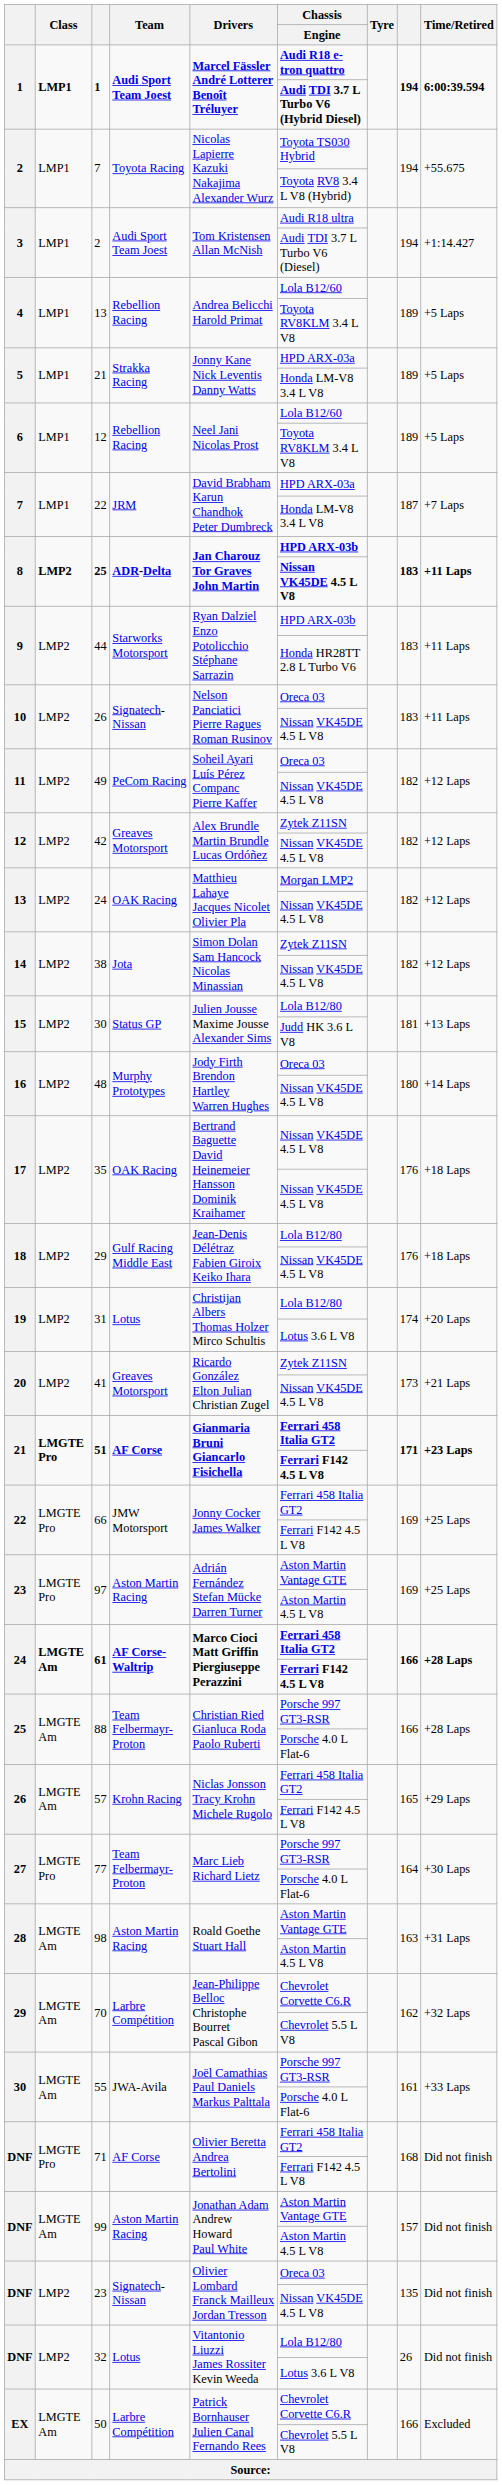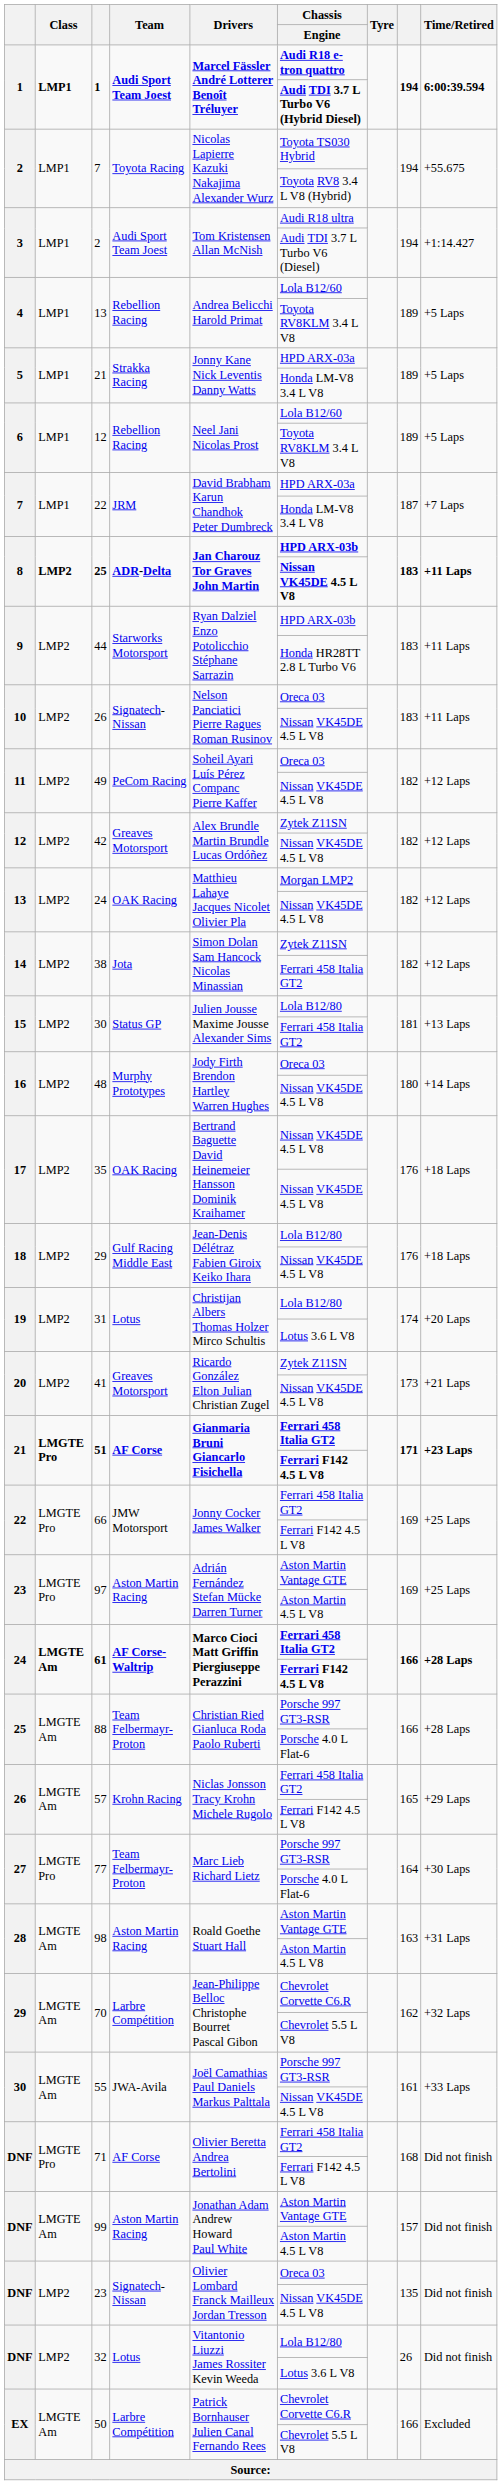 <table class="wikitable" style="font-size:95%;">
 <tr>
 <th rowspan=2></th>
 <th rowspan=2>Class</th>
 <th rowspan=2></th>
 <th rowspan=2>Team</th>
 <th rowspan=2>Drivers</th>
 <th>Chassis</th>
 <th rowspan=2>Tyre</th>
 <th rowspan=2></th>
 <th rowspan=2>Time/Retired</th>
 </tr>
 <tr>
 <th>Engine</th>
 </tr>
 <tr style="font-weight:bold;">
 <th rowspan=2>1</th>
 <td rowspan=2>LMP1</td>
 <td rowspan=2>1</td>
 <td rowspan=2> <a href='#'>Audi Sport Team Joest</a></td>
 <td rowspan=2> <a href='#'>Marcel Fässler</a><br> <a href='#'>André Lotterer</a><br> <a href='#'>Benoît Tréluyer</a></td>
 <td><a href='#'>Audi R18 e-tron quattro</a></td>
 <td rowspan=2></td>
 <td rowspan=2>194</td>
 <td rowspan=2>6:00:39.594</td>
 </tr>
 <tr style="font-weight:bold;">
 <td><a href='#'>Audi</a> <a href='#'>TDI</a> 3.7 L Turbo V6 (Hybrid Diesel)</td>
 </tr>
 <tr>
 <th rowspan=2>2</th>
 <td rowspan=2>LMP1</td>
 <td rowspan=2>7</td>
 <td rowspan=2> <a href='#'>Toyota Racing</a></td>
 <td rowspan=2> <a href='#'>Nicolas Lapierre</a><br> <a href='#'>Kazuki Nakajima</a><br> <a href='#'>Alexander Wurz</a></td>
 <td><a href='#'>Toyota TS030 Hybrid</a></td>
 <td rowspan=2></td>
 <td rowspan=2>194</td>
 <td rowspan=2>+55.675</td>
 </tr>
 <tr>
 <td><a href='#'>Toyota</a> <a href='#'>RV8</a> 3.4 L V8 (Hybrid)</td>
 </tr>
 <tr>
 <th rowspan=2>3</th>
 <td rowspan=2>LMP1</td>
 <td rowspan=2>2</td>
 <td rowspan=2> <a href='#'>Audi Sport Team Joest</a></td>
 <td rowspan=2> <a href='#'>Tom Kristensen</a><br> <a href='#'>Allan McNish</a><br></td>
 <td><a href='#'>Audi R18 ultra</a></td>
 <td rowspan=2></td>
 <td rowspan=2>194</td>
 <td rowspan=2>+1:14.427</td>
 </tr>
 <tr>
 <td><a href='#'>Audi</a> <a href='#'>TDI</a> 3.7 L Turbo V6 (Diesel)</td>
 </tr>
 <tr>
 <th rowspan=2>4</th>
 <td rowspan=2>LMP1</td>
 <td rowspan=2>13</td>
 <td rowspan=2> <a href='#'>Rebellion Racing</a></td>
 <td rowspan=2> <a href='#'>Andrea Belicchi</a><br> <a href='#'>Harold Primat</a><br></td>
 <td><a href='#'>Lola B12/60</a></td>
 <td rowspan=2></td>
 <td rowspan=2>189</td>
 <td rowspan=2>+5 Laps</td>
 </tr>
 <tr>
 <td><a href='#'>Toyota</a> <a href='#'>RV8KLM</a> 3.4 L V8</td>
 </tr>
 <tr>
 <th rowspan=2>5</th>
 <td rowspan=2>LMP1</td>
 <td rowspan=2>21</td>
 <td rowspan=2> <a href='#'>Strakka Racing</a></td>
 <td rowspan=2> <a href='#'>Jonny Kane</a><br> <a href='#'>Nick Leventis</a><br> <a href='#'>Danny Watts</a></td>
 <td><a href='#'>HPD ARX-03a</a></td>
 <td rowspan=2></td>
 <td rowspan=2>189</td>
 <td rowspan=2>+5 Laps</td>
 </tr>
 <tr>
 <td><a href='#'>Honda</a> LM-V8 3.4 L V8</td>
 </tr>
 <tr>
 <th rowspan=2>6</th>
 <td rowspan=2>LMP1</td>
 <td rowspan=2>12</td>
 <td rowspan=2> <a href='#'>Rebellion Racing</a></td>
 <td rowspan=2> <a href='#'>Neel Jani</a><br> <a href='#'>Nicolas Prost</a><br></td>
 <td><a href='#'>Lola B12/60</a></td>
 <td rowspan=2></td>
 <td rowspan=2>189</td>
 <td rowspan=2>+5 Laps</td>
 </tr>
 <tr>
 <td><a href='#'>Toyota</a> <a href='#'>RV8KLM</a> 3.4 L V8</td>
 </tr>
 <tr>
 <th rowspan=2>7</th>
 <td rowspan=2>LMP1</td>
 <td rowspan=2>22</td>
 <td rowspan=2> <a href='#'>JRM</a></td>
 <td rowspan=2> <a href='#'>David Brabham</a><br> <a href='#'>Karun Chandhok</a><br> <a href='#'>Peter Dumbreck</a></td>
 <td><a href='#'>HPD ARX-03a</a></td>
 <td rowspan=2></td>
 <td rowspan=2>187</td>
 <td rowspan=2>+7 Laps</td>
 </tr>
 <tr>
 <td><a href='#'>Honda</a> LM-V8 3.4 L V8</td>
 </tr>
 <tr style="font-weight:bold;">
 <th rowspan=2>8</th>
 <td rowspan=2>LMP2</td>
 <td rowspan=2>25</td>
 <td rowspan=2> <a href='#'>ADR</a>-<a href='#'>Delta</a></td>
 <td rowspan=2> <a href='#'>Jan Charouz</a><br> <a href='#'>Tor Graves</a><br> <a href='#'>John Martin</a></td>
 <td><a href='#'>HPD ARX-03b</a></td>
 <td rowspan=2></td>
 <td rowspan=2>183</td>
 <td rowspan=2>+11 Laps</td>
 </tr>
 <tr style="font-weight:bold;">
 <td><a href='#'>Nissan</a> <a href='#'>VK45DE</a> 4.5 L V8</td>
 </tr>
 <tr>
 <th rowspan=2>9</th>
 <td rowspan=2>LMP2</td>
 <td rowspan=2>44</td>
 <td rowspan=2> <a href='#'>Starworks Motorsport</a></td>
 <td rowspan=2> <a href='#'>Ryan Dalziel</a><br> <a href='#'>Enzo Potolicchio</a><br> <a href='#'>Stéphane Sarrazin</a></td>
 <td><a href='#'>HPD ARX-03b</a></td>
 <td rowspan=2></td>
 <td rowspan=2>183</td>
 <td rowspan=2>+11 Laps</td>
 </tr>
 <tr>
 <td><a href='#'>Honda</a> HR28TT 2.8 L Turbo V6</td>
 </tr>
 <tr>
 <th rowspan=2>10</th>
 <td rowspan=2>LMP2</td>
 <td rowspan=2>26</td>
 <td rowspan=2> <a href='#'>Signatech</a>-<a href='#'>Nissan</a></td>
 <td rowspan=2> <a href='#'>Nelson Panciatici</a><br> <a href='#'>Pierre Ragues</a><br> <a href='#'>Roman Rusinov</a></td>
 <td><a href='#'>Oreca 03</a></td>
 <td rowspan=2></td>
 <td rowspan=2>183</td>
 <td rowspan=2>+11 Laps</td>
 </tr>
 <tr>
 <td><a href='#'>Nissan</a> <a href='#'>VK45DE</a> 4.5 L V8</td>
 </tr>
 <tr>
 <th rowspan=2>11</th>
 <td rowspan=2>LMP2</td>
 <td rowspan=2>49</td>
 <td rowspan=2> <a href='#'>PeCom Racing</a></td>
 <td rowspan=2> <a href='#'>Soheil Ayari</a><br> <a href='#'>Luís Pérez Companc</a><br> <a href='#'>Pierre Kaffer</a></td>
 <td><a href='#'>Oreca 03</a></td>
 <td rowspan=2></td>
 <td rowspan=2>182</td>
 <td rowspan=2>+12 Laps</td>
 </tr>
 <tr>
 <td><a href='#'>Nissan</a> <a href='#'>VK45DE</a> 4.5 L V8</td>
 </tr>
 <tr>
 <th rowspan=2>12</th>
 <td rowspan=2>LMP2</td>
 <td rowspan=2>42</td>
 <td rowspan=2> <a href='#'>Greaves Motorsport</a></td>
 <td rowspan=2> <a href='#'>Alex Brundle</a><br> <a href='#'>Martin Brundle</a><br> <a href='#'>Lucas Ordóñez</a></td>
 <td><a href='#'>Zytek Z11SN</a></td>
 <td rowspan=2></td>
 <td rowspan=2>182</td>
 <td rowspan=2>+12 Laps</td>
 </tr>
 <tr>
 <td><a href='#'>Nissan</a> <a href='#'>VK45DE</a> 4.5 L V8</td>
 </tr>
 <tr>
 <th rowspan=2>13</th>
 <td rowspan=2>LMP2</td>
 <td rowspan=2>24</td>
 <td rowspan=2> <a href='#'>OAK Racing</a></td>
 <td rowspan=2> <a href='#'>Matthieu Lahaye</a><br> <a href='#'>Jacques Nicolet</a><br> <a href='#'>Olivier Pla</a></td>
 <td><a href='#'>Morgan LMP2</a></td>
 <td rowspan=2></td>
 <td rowspan=2>182</td>
 <td rowspan=2>+12 Laps</td>
 </tr>
 <tr>
 <td><a href='#'>Nissan</a> <a href='#'>VK45DE</a> 4.5 L V8</td>
 </tr>
 <tr>
 <th rowspan=2>14</th>
 <td rowspan=2>LMP2</td>
 <td rowspan=2>38</td>
 <td rowspan=2> <a href='#'>Jota</a></td>
 <td rowspan=2> <a href='#'>Simon Dolan</a><br> <a href='#'>Sam Hancock</a><br> <a href='#'>Nicolas Minassian</a></td>
 <td><a href='#'>Zytek Z11SN</a></td>
 <td rowspan=2></td>
 <td rowspan=2>182</td>
 <td rowspan=2>+12 Laps</td>
 </tr>
 <tr>
-<td><a href='#'>Nissan</a> <a href='#'>VK45DE</a> 4.5 L V8</td>
+<td><a href='#'>Ferrari 458 Italia GT2</a></td>
 </tr>
 <tr>
 <th rowspan=2>15</th>
 <td rowspan=2>LMP2</td>
 <td rowspan=2>30</td>
 <td rowspan=2> <a href='#'>Status GP</a></td>
 <td rowspan=2> <a href='#'>Julien Jousse</a><br> Maxime Jousse<br> <a href='#'>Alexander Sims</a></td>
 <td><a href='#'>Lola B12/80</a></td>
 <td rowspan=2></td>
 <td rowspan=2>181</td>
 <td rowspan=2>+13 Laps</td>
 </tr>
 <tr>
-<td><a href='#'>Judd</a> HK 3.6 L V8</td>
+<td><a href='#'>Ferrari 458 Italia GT2</a></td>
 </tr>
 <tr>
 <th rowspan=2>16</th>
 <td rowspan=2>LMP2</td>
 <td rowspan=2>48</td>
 <td rowspan=2> <a href='#'>Murphy Prototypes</a></td>
 <td rowspan=2> <a href='#'>Jody Firth</a><br> <a href='#'>Brendon Hartley</a><br> <a href='#'>Warren Hughes</a></td>
 <td><a href='#'>Oreca 03</a></td>
 <td rowspan=2></td>
 <td rowspan=2>180</td>
 <td rowspan=2>+14 Laps</td>
 </tr>
 <tr>
 <td><a href='#'>Nissan</a> <a href='#'>VK45DE</a> 4.5 L V8</td>
 </tr>
 <tr>
 <th rowspan=2>17</th>
 <td rowspan=2>LMP2</td>
 <td rowspan=2>35</td>
 <td rowspan=2> <a href='#'>OAK Racing</a></td>
 <td rowspan=2> <a href='#'>Bertrand Baguette</a><br> <a href='#'>David Heinemeier Hansson</a><br> <a href='#'>Dominik Kraihamer</a></td>
 <td><a href='#'>Nissan</a> <a href='#'>VK45DE</a> 4.5 L V8</td>
 <td rowspan=2></td>
 <td rowspan=2>176</td>
 <td rowspan=2>+18 Laps</td>
 </tr>
 <tr>
 <td><a href='#'>Nissan</a> <a href='#'>VK45DE</a> 4.5 L V8</td>
 </tr>
 <tr>
 <th rowspan=2>18</th>
 <td rowspan=2>LMP2</td>
 <td rowspan=2>29</td>
 <td rowspan=2> <a href='#'>Gulf Racing Middle East</a></td>
 <td rowspan=2> <a href='#'>Jean-Denis Délétraz</a><br> <a href='#'>Fabien Giroix</a><br> <a href='#'>Keiko Ihara</a></td>
 <td><a href='#'>Lola B12/80</a></td>
 <td rowspan=2></td>
 <td rowspan=2>176</td>
 <td rowspan=2>+18 Laps</td>
 </tr>
 <tr>
 <td><a href='#'>Nissan</a> <a href='#'>VK45DE</a> 4.5 L V8</td>
 </tr>
 <tr>
 <th rowspan=2>19</th>
 <td rowspan=2>LMP2</td>
 <td rowspan=2>31</td>
 <td rowspan=2> <a href='#'>Lotus</a></td>
 <td rowspan=2> <a href='#'>Christijan Albers</a><br> <a href='#'>Thomas Holzer</a><br> Mirco Schultis</td>
 <td><a href='#'>Lola B12/80</a></td>
 <td rowspan=2></td>
 <td rowspan=2>174</td>
 <td rowspan=2>+20 Laps</td>
 </tr>
 <tr>
 <td><a href='#'>Lotus</a> 3.6 L V8</td>
 </tr>
 <tr>
 <th rowspan=2>20</th>
 <td rowspan=2>LMP2</td>
 <td rowspan=2>41</td>
 <td rowspan=2> <a href='#'>Greaves Motorsport</a></td>
 <td rowspan=2> <a href='#'>Ricardo González</a><br> <a href='#'>Elton Julian</a><br> Christian Zugel</td>
 <td><a href='#'>Zytek Z11SN</a></td>
 <td rowspan=2></td>
 <td rowspan=2>173</td>
 <td rowspan=2>+21 Laps</td>
 </tr>
 <tr>
 <td><a href='#'>Nissan</a> <a href='#'>VK45DE</a> 4.5 L V8</td>
 </tr>
 <tr style="font-weight:bold;">
 <th rowspan=2>21</th>
 <td rowspan=2>LMGTE Pro</td>
 <td rowspan=2>51</td>
 <td rowspan=2> <a href='#'>AF Corse</a></td>
 <td rowspan=2> <a href='#'>Gianmaria Bruni</a><br> <a href='#'>Giancarlo Fisichella</a><br></td>
 <td><a href='#'>Ferrari 458 Italia GT2</a></td>
 <td rowspan=2></td>
 <td rowspan=2>171</td>
 <td rowspan=2>+23 Laps</td>
 </tr>
 <tr style="font-weight:bold;">
 <td><a href='#'>Ferrari</a> F142 4.5 L V8</td>
 </tr>
 <tr>
 <th rowspan=2>22</th>
 <td rowspan=2>LMGTE Pro</td>
 <td rowspan=2>66</td>
 <td rowspan=2> JMW Motorsport</td>
 <td rowspan=2> <a href='#'>Jonny Cocker</a><br> <a href='#'>James Walker</a><br></td>
 <td><a href='#'>Ferrari 458 Italia GT2</a></td>
 <td rowspan=2></td>
 <td rowspan=2>169</td>
 <td rowspan=2>+25 Laps</td>
 </tr>
 <tr>
 <td><a href='#'>Ferrari</a> F142 4.5 L V8</td>
 </tr>
 <tr>
 <th rowspan=2>23</th>
 <td rowspan=2>LMGTE Pro</td>
 <td rowspan=2>97</td>
 <td rowspan=2> <a href='#'>Aston Martin Racing</a></td>
 <td rowspan=2> <a href='#'>Adrián Fernández</a><br> <a href='#'>Stefan Mücke</a><br> <a href='#'>Darren Turner</a></td>
 <td><a href='#'>Aston Martin Vantage GTE</a></td>
 <td rowspan=2></td>
 <td rowspan=2>169</td>
 <td rowspan=2>+25 Laps</td>
 </tr>
 <tr>
 <td><a href='#'>Aston Martin</a> 4.5 L V8</td>
 </tr>
 <tr style="font-weight:bold;">
 <th rowspan=2>24</th>
 <td rowspan=2>LMGTE Am</td>
 <td rowspan=2>61</td>
 <td rowspan=2> <a href='#'>AF Corse-Waltrip</a></td>
 <td rowspan=2> Marco Cioci<br> Matt Griffin<br> Piergiuseppe Perazzini</td>
 <td><a href='#'>Ferrari 458 Italia GT2</a></td>
 <td rowspan=2></td>
 <td rowspan=2>166</td>
 <td rowspan=2>+28 Laps</td>
 </tr>
 <tr style="font-weight:bold;">
 <td><a href='#'>Ferrari</a> F142 4.5 L V8</td>
 </tr>
 <tr>
 <th rowspan=2>25</th>
 <td rowspan=2>LMGTE Am</td>
 <td rowspan=2>88</td>
 <td rowspan=2> <a href='#'>Team Felbermayr-Proton</a></td>
 <td rowspan=2> <a href='#'>Christian Ried</a><br> <a href='#'>Gianluca Roda</a><br> <a href='#'>Paolo Ruberti</a></td>
 <td><a href='#'>Porsche 997 GT3-RSR</a></td>
 <td rowspan=2></td>
 <td rowspan=2>166</td>
 <td rowspan=2>+28 Laps</td>
 </tr>
 <tr>
 <td><a href='#'>Porsche</a> 4.0 L Flat-6</td>
 </tr>
 <tr>
 <th rowspan=2>26</th>
 <td rowspan=2>LMGTE Am</td>
 <td rowspan=2>57</td>
 <td rowspan=2> <a href='#'>Krohn Racing</a></td>
 <td rowspan=2> <a href='#'>Niclas Jonsson</a><br> <a href='#'>Tracy Krohn</a><br> <a href='#'>Michele Rugolo</a></td>
 <td><a href='#'>Ferrari 458 Italia GT2</a></td>
 <td rowspan=2></td>
 <td rowspan=2>165</td>
 <td rowspan=2>+29 Laps</td>
 </tr>
 <tr>
 <td><a href='#'>Ferrari</a> F142 4.5 L V8</td>
 </tr>
 <tr>
 <th rowspan=2>27</th>
 <td rowspan=2>LMGTE Pro</td>
 <td rowspan=2>77</td>
 <td rowspan=2> <a href='#'>Team Felbermayr-Proton</a></td>
 <td rowspan=2> <a href='#'>Marc Lieb</a><br> <a href='#'>Richard Lietz</a><br></td>
 <td><a href='#'>Porsche 997 GT3-RSR</a></td>
 <td rowspan=2></td>
 <td rowspan=2>164</td>
 <td rowspan=2>+30 Laps</td>
 </tr>
 <tr>
 <td><a href='#'>Porsche</a> 4.0 L Flat-6</td>
 </tr>
 <tr>
 <th rowspan=2>28</th>
 <td rowspan=2>LMGTE Am</td>
 <td rowspan=2>98</td>
 <td rowspan=2> <a href='#'>Aston Martin Racing</a></td>
 <td rowspan=2> Roald Goethe<br> <a href='#'>Stuart Hall</a><br></td>
 <td><a href='#'>Aston Martin Vantage GTE</a></td>
 <td rowspan=2></td>
 <td rowspan=2>163</td>
 <td rowspan=2>+31 Laps</td>
 </tr>
 <tr>
 <td><a href='#'>Aston Martin</a> 4.5 L V8</td>
 </tr>
 <tr>
 <th rowspan=2>29</th>
 <td rowspan=2>LMGTE Am</td>
 <td rowspan=2>70</td>
 <td rowspan=2> <a href='#'>Larbre Compétition</a></td>
 <td rowspan=2> <a href='#'>Jean-Philippe Belloc</a><br> Christophe Bourret<br> Pascal Gibon</td>
 <td><a href='#'>Chevrolet Corvette C6.R</a></td>
 <td rowspan=2></td>
 <td rowspan=2>162</td>
 <td rowspan=2>+32 Laps</td>
 </tr>
 <tr>
 <td><a href='#'>Chevrolet</a> 5.5 L V8</td>
 </tr>
 <tr>
 <th rowspan=2>30</th>
 <td rowspan=2>LMGTE Am</td>
 <td rowspan=2>55</td>
 <td rowspan=2> JWA-Avila</td>
 <td rowspan=2> <a href='#'>Joël Camathias</a><br> <a href='#'>Paul Daniels</a><br> <a href='#'>Markus Palttala</a></td>
 <td><a href='#'>Porsche 997 GT3-RSR</a></td>
 <td rowspan=2></td>
 <td rowspan=2>161</td>
 <td rowspan=2>+33 Laps</td>
 </tr>
 <tr>
-<td><a href='#'>Porsche</a> 4.0 L Flat-6</td>
+<td><a href='#'>Nissan</a> <a href='#'>VK45DE</a> 4.5 L V8</td>
 </tr>
 <tr>
 <th rowspan=2>DNF</th>
 <td rowspan=2>LMGTE Pro</td>
 <td rowspan=2>71</td>
 <td rowspan=2> <a href='#'>AF Corse</a></td>
 <td rowspan=2> <a href='#'>Olivier Beretta</a><br> <a href='#'>Andrea Bertolini</a><br></td>
 <td><a href='#'>Ferrari 458 Italia GT2</a></td>
 <td rowspan=2></td>
 <td rowspan=2>168</td>
 <td rowspan=2>Did not finish</td>
 </tr>
 <tr>
 <td><a href='#'>Ferrari</a> F142 4.5 L V8</td>
 </tr>
 <tr>
 <th rowspan=2>DNF</th>
 <td rowspan=2>LMGTE Am</td>
 <td rowspan=2>99</td>
 <td rowspan=2> <a href='#'>Aston Martin Racing</a></td>
 <td rowspan=2> <a href='#'>Jonathan Adam</a><br> Andrew Howard<br> <a href='#'>Paul White</a></td>
 <td><a href='#'>Aston Martin Vantage GTE</a></td>
 <td rowspan=2></td>
 <td rowspan=2>157</td>
 <td rowspan=2>Did not finish</td>
 </tr>
 <tr>
 <td><a href='#'>Aston Martin</a> 4.5 L V8</td>
 </tr>
 <tr>
 <th rowspan=2>DNF</th>
 <td rowspan=2>LMP2</td>
 <td rowspan=2>23</td>
 <td rowspan=2> <a href='#'>Signatech</a>-<a href='#'>Nissan</a></td>
 <td rowspan=2> <a href='#'>Olivier Lombard</a><br> <a href='#'>Franck Mailleux</a><br> <a href='#'>Jordan Tresson</a></td>
 <td><a href='#'>Oreca 03</a></td>
 <td rowspan=2></td>
 <td rowspan=2>135</td>
 <td rowspan=2>Did not finish</td>
 </tr>
 <tr>
 <td><a href='#'>Nissan</a> <a href='#'>VK45DE</a> 4.5 L V8</td>
 </tr>
 <tr>
 <th rowspan=2>DNF</th>
 <td rowspan=2>LMP2</td>
 <td rowspan=2>32</td>
 <td rowspan=2> <a href='#'>Lotus</a></td>
 <td rowspan=2> <a href='#'>Vitantonio Liuzzi</a><br> <a href='#'>James Rossiter</a><br> Kevin Weeda</td>
 <td><a href='#'>Lola B12/80</a></td>
 <td rowspan=2></td>
 <td rowspan=2>26</td>
 <td rowspan=2>Did not finish</td>
 </tr>
 <tr>
 <td><a href='#'>Lotus</a> 3.6 L V8</td>
 </tr>
 <tr>
 <th rowspan=2>EX</th>
 <td rowspan=2>LMGTE Am</td>
 <td rowspan=2>50</td>
 <td rowspan=2> <a href='#'>Larbre Compétition</a></td>
 <td rowspan=2> <a href='#'>Patrick Bornhauser</a><br> <a href='#'>Julien Canal</a><br> <a href='#'>Fernando Rees</a></td>
 <td><a href='#'>Chevrolet Corvette C6.R</a></td>
 <td rowspan=2></td>
 <td rowspan=2>166</td>
 <td rowspan=2>Excluded</td>
 </tr>
 <tr>
 <td><a href='#'>Chevrolet</a> 5.5 L V8</td>
 </tr>
 <tr>
 <th colspan="9">Source:</th>
 </tr>
 </table>
